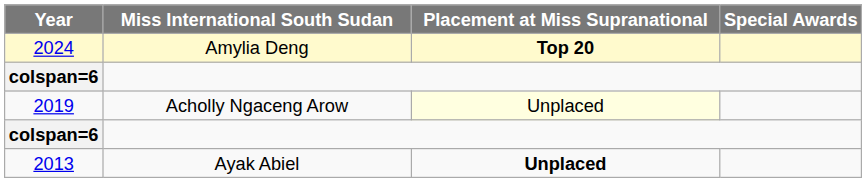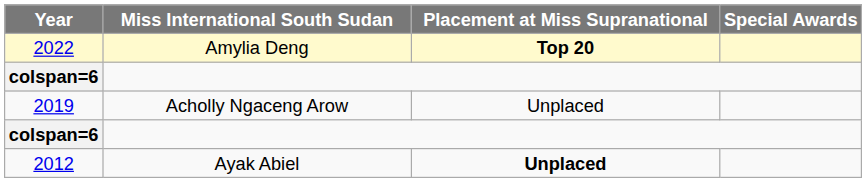 <table class="wikitable sortable" style="font-size: 95%; text-align:center">
 <tr>
 <th width="60" style="background-color:#787878;color:#FFFFFF;">Year</th>
 <th width="250" style="background-color:#787878;color:#FFFFFF;">Miss International South Sudan</th>
 <th width="250" style="background-color:#787878;color:#FFFFFF;">Placement at Miss Supranational</th>
 <th style="background-color:#787878;color:#FFFFFF;">Special Awards</th>
 </tr>
 <tr style="background-color:#FFFACD;">
-<td><a href='#'>2024</a></td>
+<td><a href='#'>2022</a></td>
 <td>Amylia Deng</td>
 <td><strong>Top 20</strong></td>
 <td></td>
 </tr>
 <tr>
 <th>colspan=6 </th>
 </tr>
 <tr>
 <td><a href='#'>2019</a></td>
 <td>Acholly Ngaceng Arow</td>
-<td style="background: lightyellow;">Unplaced</td>
+<td>Unplaced</td>
 <td></td>
 </tr>
 <tr>
 <th>colspan=6 </th>
 </tr>
 <tr>
-<td><a href='#'>2013</a></td>
+<td><a href='#'>2012</a></td>
 <td>Ayak Abiel</td>
 <td><strong>Unplaced</strong></td>
 <td></td>
 </tr>
 </table>
